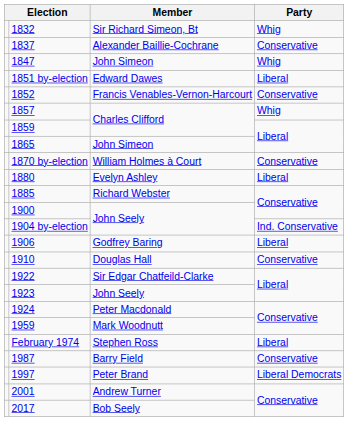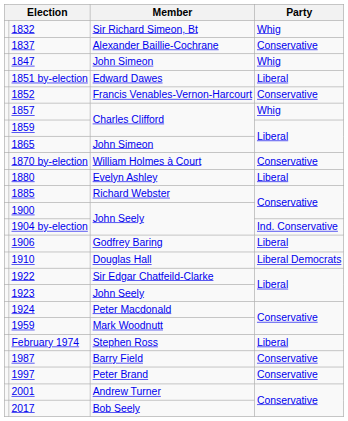 <table class="wikitable">
 <tr>
 <th colspan="2">Election</th>
 <th>Member</th>
 <th>Party</th>
 </tr>
 <tr>
 <td style="color:inherit;background-color: "></td>
 <td><a href='#'>1832</a></td>
 <td><a href='#'>Sir Richard Simeon, Bt</a></td>
 <td><a href='#'>Whig</a></td>
 </tr>
 <tr>
 <td style="color:inherit;background-color: "></td>
 <td><a href='#'>1837</a></td>
 <td><a href='#'>Alexander Baillie-Cochrane</a></td>
 <td><a href='#'>Conservative</a></td>
 </tr>
 <tr>
 <td style="color:inherit;background-color: "></td>
 <td><a href='#'>1847</a></td>
 <td><a href='#'>John Simeon</a></td>
 <td><a href='#'>Whig</a></td>
 </tr>
 <tr>
 <td style="color:inherit;background-color: "></td>
 <td><a href='#'>1851 by-election</a></td>
 <td><a href='#'>Edward Dawes</a></td>
 <td><a href='#'>Liberal</a></td>
 </tr>
 <tr>
 <td style="color:inherit;background-color: "></td>
 <td><a href='#'>1852</a></td>
 <td><a href='#'>Francis Venables-Vernon-Harcourt</a></td>
 <td><a href='#'>Conservative</a></td>
 </tr>
 <tr>
 <td style="color:inherit;background-color: "></td>
 <td><a href='#'>1857</a></td>
 <td rowspan="2"><a href='#'>Charles Clifford</a></td>
 <td><a href='#'>Whig</a></td>
 </tr>
 <tr>
 <td style="color:inherit;background-color: "></td>
 <td><a href='#'>1859</a></td>
 <td rowspan="2"><a href='#'>Liberal</a></td>
 </tr>
 <tr>
 <td style="color:inherit;background-color: "></td>
 <td><a href='#'>1865</a></td>
 <td><a href='#'>John Simeon</a></td>
 </tr>
 <tr>
 <td style="color:inherit;background-color: "></td>
 <td><a href='#'>1870 by-election</a></td>
 <td><a href='#'>William Holmes à Court</a></td>
 <td><a href='#'>Conservative</a></td>
 </tr>
 <tr>
 <td style="color:inherit;background-color: "></td>
 <td><a href='#'>1880</a></td>
 <td><a href='#'>Evelyn Ashley</a></td>
 <td><a href='#'>Liberal</a></td>
 </tr>
 <tr>
 <td style="color:inherit;background-color: "></td>
 <td><a href='#'>1885</a></td>
 <td><a href='#'>Richard Webster</a></td>
 <td rowspan="2"><a href='#'>Conservative</a></td>
 </tr>
 <tr>
 <td style="color:inherit;background-color: "></td>
 <td><a href='#'>1900</a></td>
 <td rowspan="2"><a href='#'>John Seely</a></td>
 </tr>
 <tr>
 <td style="color:inherit;background-color: "></td>
 <td><a href='#'>1904 by-election</a></td>
 <td><a href='#'>Ind. Conservative</a></td>
 </tr>
 <tr>
 <td style="color:inherit;background-color: "></td>
 <td><a href='#'>1906</a></td>
 <td><a href='#'>Godfrey Baring</a></td>
 <td><a href='#'>Liberal</a></td>
 </tr>
 <tr>
 <td style="color:inherit;background-color: "></td>
 <td><a href='#'>1910</a></td>
 <td><a href='#'>Douglas Hall</a></td>
-<td><a href='#'>Conservative</a></td>
+<td><a href='#'>Liberal Democrats</a></td>
 </tr>
 <tr>
 <td style="color:inherit;background-color: "></td>
 <td><a href='#'>1922</a></td>
 <td><a href='#'>Sir Edgar Chatfeild-Clarke</a></td>
 <td rowspan="2"><a href='#'>Liberal</a></td>
 </tr>
 <tr>
 <td style="color:inherit;background-color: "></td>
 <td><a href='#'>1923</a></td>
 <td><a href='#'>John Seely</a></td>
 </tr>
 <tr>
 <td style="color:inherit;background-color: "></td>
 <td><a href='#'>1924</a></td>
 <td><a href='#'>Peter Macdonald</a></td>
 <td rowspan="2"><a href='#'>Conservative</a></td>
 </tr>
 <tr>
 <td style="color:inherit;background-color: "></td>
 <td><a href='#'>1959</a></td>
 <td><a href='#'>Mark Woodnutt</a></td>
 </tr>
 <tr>
 <td style="color:inherit;background-color: "></td>
 <td><a href='#'>February 1974</a></td>
 <td><a href='#'>Stephen Ross</a></td>
 <td><a href='#'>Liberal</a></td>
 </tr>
 <tr>
 <td style="color:inherit;background-color: "></td>
 <td><a href='#'>1987</a></td>
 <td><a href='#'>Barry Field</a></td>
 <td><a href='#'>Conservative</a></td>
 </tr>
 <tr>
 <td style="color:inherit;background-color: "></td>
 <td><a href='#'>1997</a></td>
 <td><a href='#'>Peter Brand</a></td>
-<td><a href='#'>Liberal Democrats</a></td>
+<td><a href='#'>Conservative</a></td>
 </tr>
 <tr>
 <td style="color:inherit;background-color: "></td>
 <td><a href='#'>2001</a></td>
 <td><a href='#'>Andrew Turner</a></td>
 <td rowspan="2"><a href='#'>Conservative</a></td>
 </tr>
 <tr>
 <td style="color:inherit;background-color: "></td>
 <td><a href='#'>2017</a></td>
 <td><a href='#'>Bob Seely</a></td>
 </tr>
 </table>
